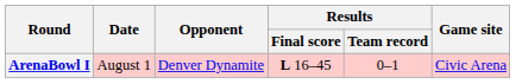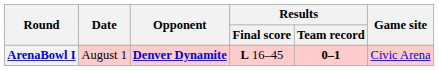 <table class="wikitable" align="center" style="font-size: 92%">
 <tr>
 <th rowspan="2">Round</th>
 <th rowspan="2">Date</th>
 <th rowspan="2">Opponent</th>
 <th colspan="2">Results</th>
 <th rowspan="2">Game site</th>
 </tr>
 <tr>
 <th>Final score</th>
 <th>Team record</th>
 </tr>
 <tr style="background:#fcc">
 <th><a href='#'>ArenaBowl I</a></th>
 <td style="text-align:center;">August 1</td>
-<td style="text-align:center;"><a href='#'>Denver Dynamite</a></td>
+<td style="text-align:center;"><strong><a href='#'>Denver Dynamite</a></strong></td>
 <td style="text-align:center;"><strong>L</strong> 16–45</td>
-<td style="text-align:center;">0–1</td>
+<td style="text-align:center;"><strong>0–1</strong></td>
 <td style="text-align:center;"><a href='#'>Civic Arena</a></td>
 </tr>
 </table>
